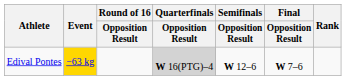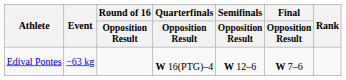 <table class="wikitable" style="font-size:90%;">
 <tr>
 <th rowspan=2>Athlete</th>
 <th rowspan=2>Event</th>
 <th>Round of 16</th>
 <th>Quarterfinals</th>
 <th>Semifinals</th>
 <th>Final</th>
 <th rowspan=2>Rank</th>
 </tr>
 <tr style="font-size:95%">
 <th>Opposition<br>Result</th>
 <th>Opposition<br>Result</th>
 <th>Opposition<br>Result</th>
 <th>Opposition<br>Result</th>
 </tr>
 <tr align=center>
 <td align=left><a href='#'>Edival Pontes</a></td>
-<td align=left style="background: gold;"><a href='#'>−63 kg</a></td>
+<td align=left><a href='#'>−63 kg</a></td>
 <td></td>
-<td style="background: lightgrey;"><br><strong>W</strong> 16(PTG)–4</td>
+<td><br><strong>W</strong> 16(PTG)–4</td>
 <td><br><strong>W</strong> 12–6</td>
 <td><br><strong>W</strong> 7–6</td>
 <td></td>
 </tr>
 </table>
